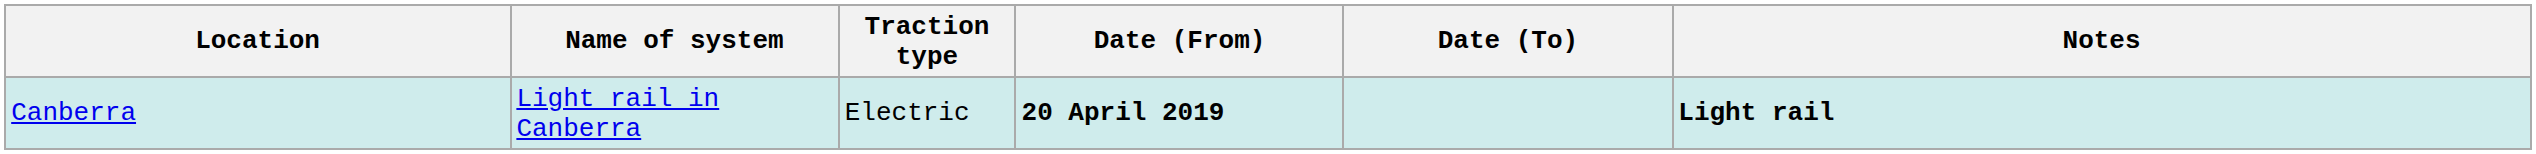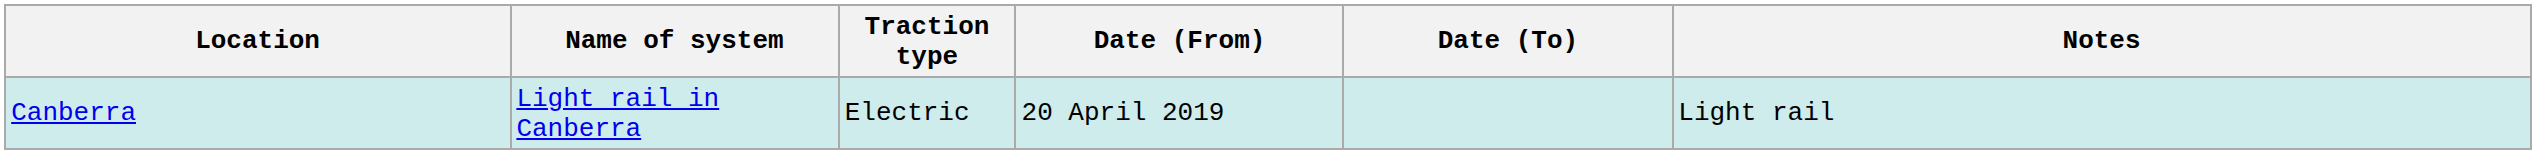 <table class="wikitable" width=100%>
 <tr>
 <th width=20%>Location</th>
 <th width=13%>Name of system</th>
 <th width=7%>Traction<br>type</th>
 <th width=13%>Date (From)</th>
 <th width=13%>Date (To)</th>
 <th width=34%>Notes</th>
 </tr>
 <tr style="background:#CFECEC">
 <td><a href='#'>Canberra</a></td>
 <td><a href='#'>Light rail in Canberra</a></td>
 <td>Electric</td>
-<td><strong>20 April 2019</strong></td>
+<td>20 April 2019</td>
 <td></td>
-<td><strong>Light rail</strong></td>
+<td>Light rail</td>
 </tr>
 <tr>
 </tr>
 </table>
